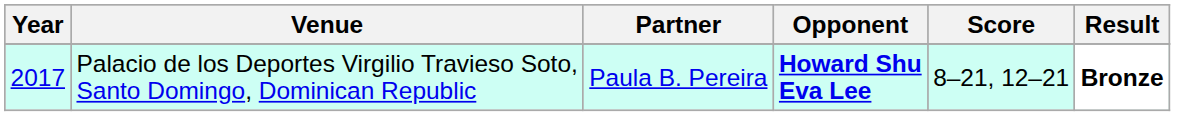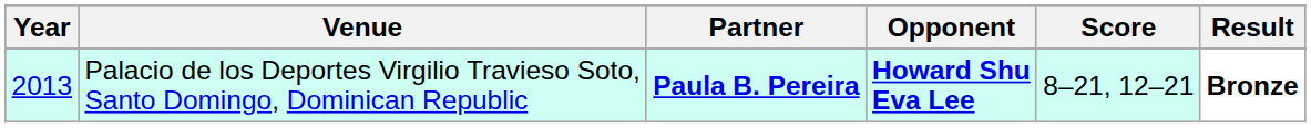 <table class="sortable wikitable" style="font-size: 90%;">
 <tr>
 <th>Year</th>
 <th>Venue</th>
 <th>Partner</th>
 <th>Opponent</th>
 <th>Score</th>
 <th>Result</th>
 </tr>
 <tr>
 </tr>
 <tr style="background:#CDFFF4">
-<td align="center"><a href='#'>2017</a></td>
+<td align="center"><a href='#'>2013</a></td>
 <td align="left">Palacio de los Deportes Virgilio Travieso Soto,<br> <a href='#'>Santo Domingo</a>, <a href='#'>Dominican Republic</a></td>
-<td align="left"> <a href='#'>Paula B. Pereira</a></td>
+<td align="left"><strong> <a href='#'>Paula B. Pereira</a></strong></td>
 <td align="left"><strong> <a href='#'>Howard Shu</a><br> <a href='#'>Eva Lee</a></strong></td>
 <td align="center">8–21, 12–21</td>
 <td style="text-align:left; background:white"> <strong>Bronze</strong></td>
 </tr>
 </table>
